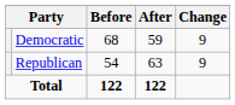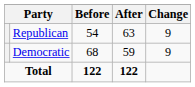 <table class="wikitable" style="text-align:center;">
 <tr>
 </tr>
 <tr>
 <th colspan=2>Party</th>
 <th>Before</th>
 <th>After</th>
 <th>Change</th>
 </tr>
 <tr>
 <th style="background-color:"></th>
-<td style="text-align:left;"><a href='#'>Democratic</a></td>
-<td>68</td>
-<td>59</td>
+<td style="text-align:left;"><a href='#'>Republican</a></td>
+<td>54</td>
+<td>63</td>
 <td> 9</td>
 </tr>
 <tr>
 <th style="background-color:"></th>
-<td style="text-align:left;"><a href='#'>Republican</a></td>
-<td>54</td>
-<td>63</td>
+<td style="text-align:left;"><a href='#'>Democratic</a></td>
+<td>68</td>
+<td>59</td>
 <td> 9</td>
 </tr>
 <tr>
 <td colspan=2><strong>Total</strong></td>
 <td><strong>122</strong></td>
 <td><strong>122</strong></td>
 </tr>
 </table>
